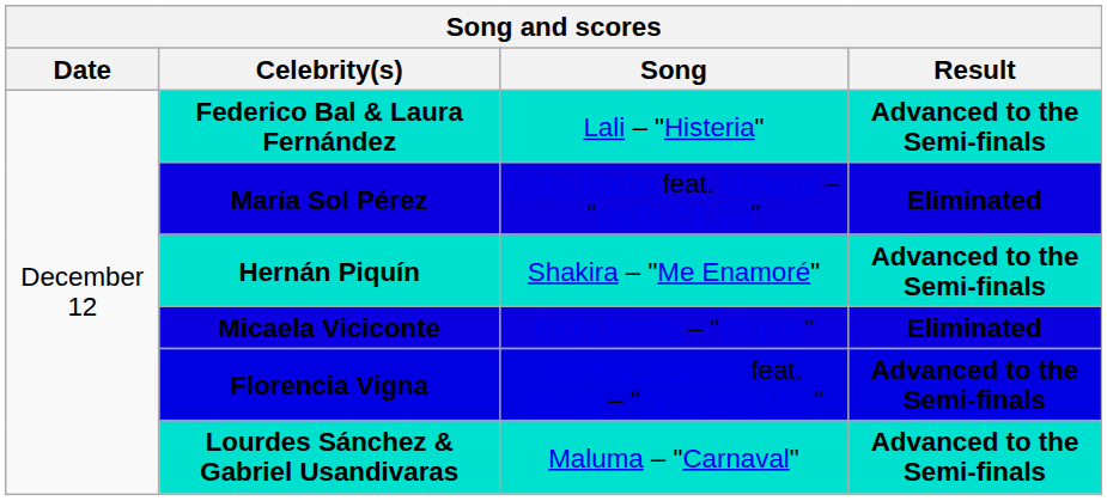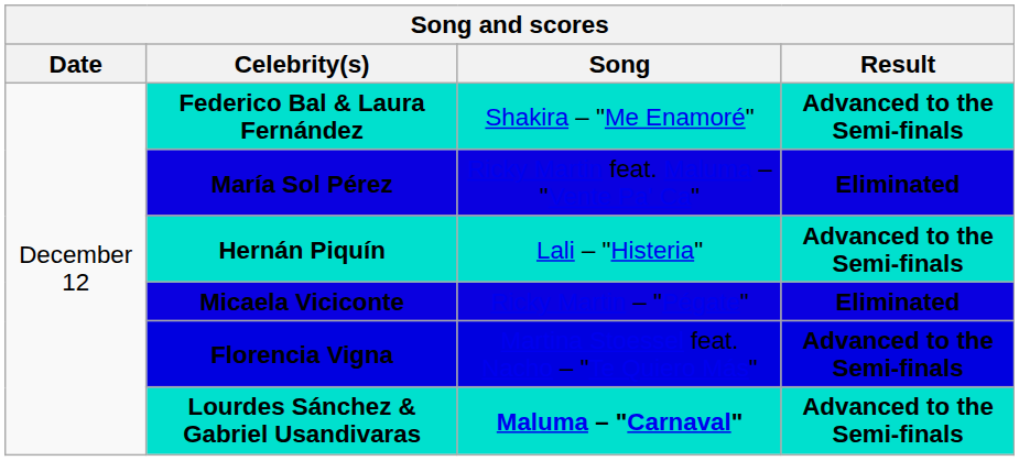 <table class="wikitable collapsible collapsed" style="font-size:95%; text-align: center; width: 100%;">
 <tr>
 <th colspan="11" style="with: 100%;" align=center>Song and scores</th>
 </tr>
 <tr>
 <th>Date</th>
 <th>Celebrity(s)</th>
 <th>Song</th>
 <th>Result</th>
 </tr>
 <tr>
 <td rowspan="6">December 12</td>
 <td bgcolor="lightgreen text-align:center;"><strong>Federico Bal & Laura Fernández</strong></td>
-<td bgcolor="lightgreen text-align:center;"><a href='#'>Lali</a> – "<a href='#'>Histeria</a>"</td>
+<td bgcolor="lightgreen text-align:center;"><a href='#'>Shakira</a> – "<a href='#'>Me Enamoré</a>"</td>
 <td bgcolor="lightgreen text-align:center;"><strong>Advanced to the Semi-finals</strong></td>
 </tr>
 <tr>
 <td bgcolor="orange text-align:center;"><strong>María Sol Pérez</strong></td>
 <td bgcolor="orange text-align:center;"><a href='#'>Ricky Martin</a> feat. <a href='#'>Maluma</a> – "<a href='#'>Vente Pa' Ca</a>"</td>
 <td bgcolor="orange text-align:center;"><strong>Eliminated</strong></td>
 </tr>
 <tr>
 <td bgcolor="lightgreen text-align:center;"><strong>Hernán Piquín</strong></td>
-<td bgcolor="lightgreen text-align:center;"><a href='#'>Shakira</a> – "<a href='#'>Me Enamoré</a>"</td>
+<td bgcolor="lightgreen text-align:center;"><a href='#'>Lali</a> – "<a href='#'>Histeria</a>"</td>
 <td bgcolor="lightgreen text-align:center;"><strong>Advanced to the Semi-finals</strong></td>
 </tr>
 <tr>
 <td bgcolor="orange text-align:center;"><strong>Micaela Viciconte</strong></td>
 <td bgcolor="orange text-align:center;"><a href='#'>Ricky Martin</a> – "<a href='#'>Pégate</a>"</td>
 <td bgcolor="orange text-align:center;"><strong>Eliminated</strong></td>
 </tr>
 <tr>
 <td bgcolor="lightblue text-align:center;"><strong>Florencia Vigna</strong></td>
 <td bgcolor="lightblue text-align:center;"><a href='#'>Martina Stoessel</a> feat. <a href='#'>Nacho</a> – "<a href='#'>Te Quiero Más</a>"</td>
 <td bgcolor="lightblue text-align:center;"><strong>Advanced to the Semi-finals</strong></td>
 </tr>
 <tr>
 <td bgcolor="lightgreen text-align:center;"><strong>Lourdes Sánchez & Gabriel Usandivaras</strong></td>
-<td bgcolor="lightgreen text-align:center;"><a href='#'>Maluma</a> – "<a href='#'>Carnaval</a>"</td>
+<td bgcolor="lightgreen text-align:center;"><strong><a href='#'>Maluma</a> – "<a href='#'>Carnaval</a>"</strong></td>
 <td bgcolor="lightgreen text-align:center;"><strong>Advanced to the Semi-finals</strong></td>
 </tr>
 </table>
